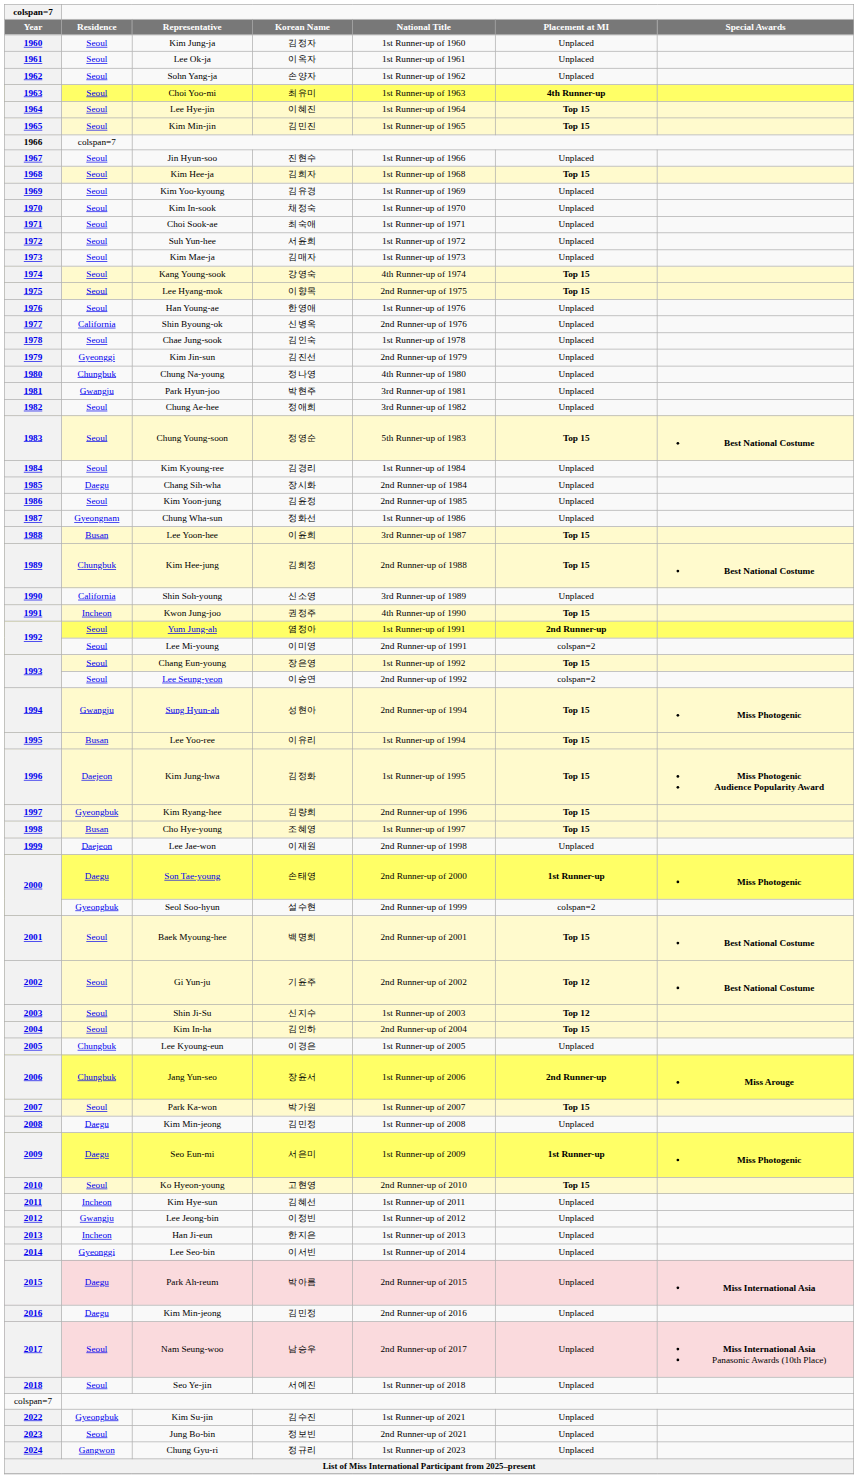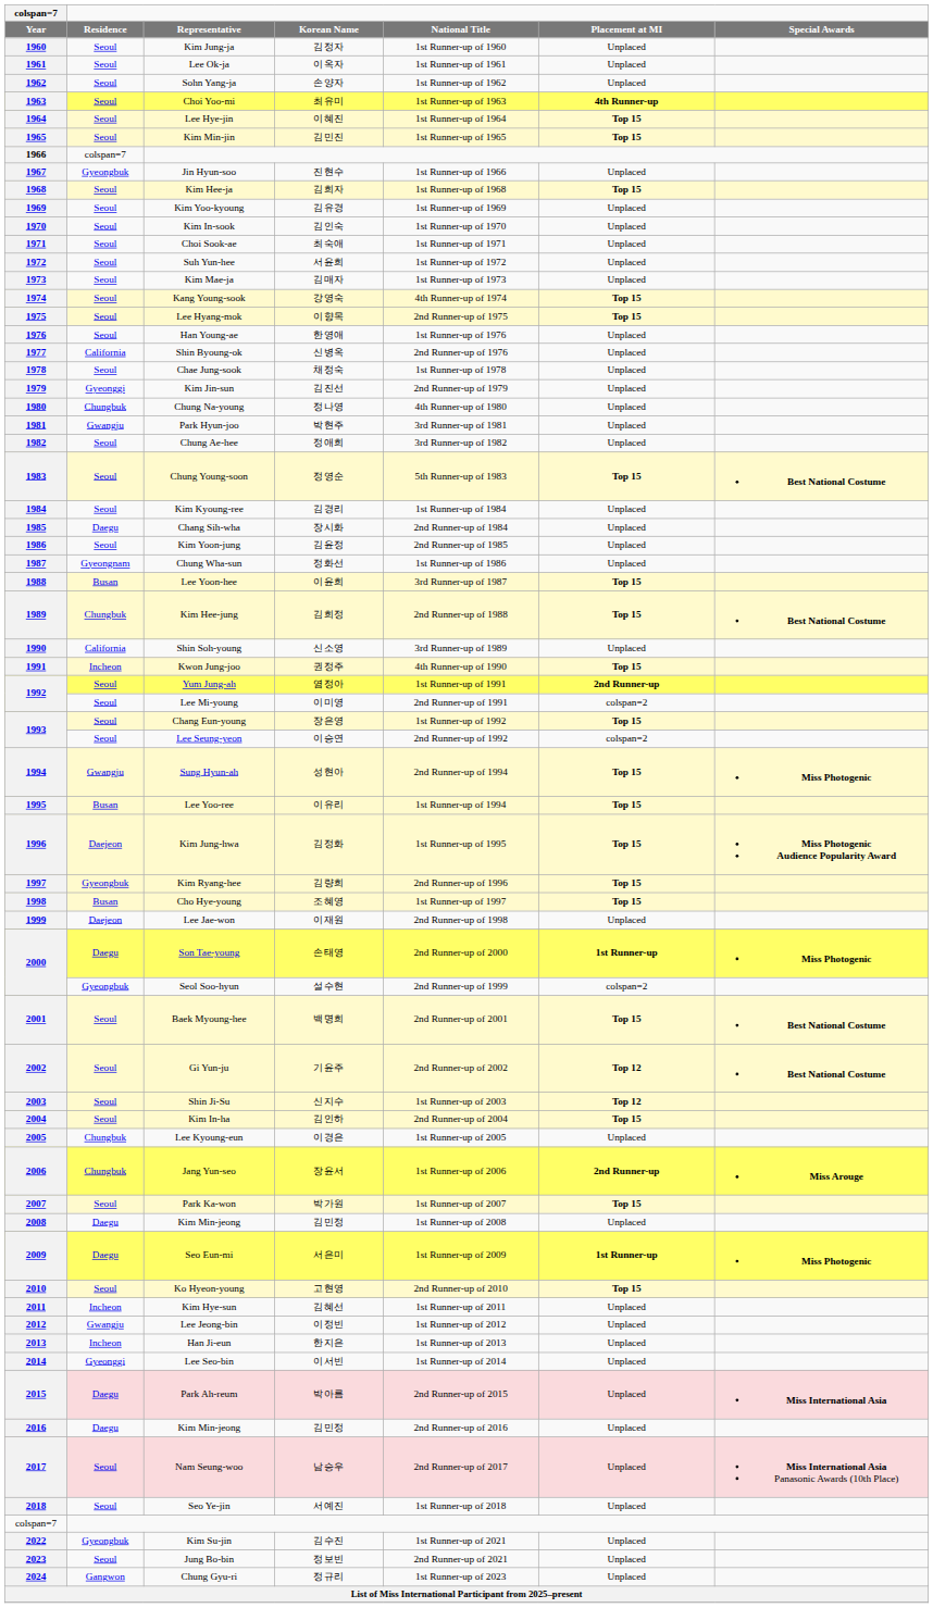 <table class="wikitable sortable" style="font-size: 85%; text-align:center">
 <tr>
 <th>colspan=7 </th>
 </tr>
 <tr>
 <th width="80" style="background-color:#787878;color:#FFFFFF;">Year</th>
 <th width="100" style="background-color:#787878;color:#FFFFFF;">Residence</th>
 <th width="180" style="background-color:#787878;color:#FFFFFF;">Representative</th>
 <th width="150" style="background-color:#787878;color:#FFFFFF;">Korean Name</th>
 <th width="220" style="background-color:#787878;color:#FFFFFF;">National Title</th>
 <th width="250" style="background-color:#787878;color:#FFFFFF;">Placement at MI</th>
 <th width="300" style="background-color:#787878;color:#FFFFFF;">Special Awards</th>
 </tr>
 <tr>
 <th><a href='#'>1960</a></th>
 <td><a href='#'>Seoul</a></td>
 <td>Kim Jung-ja</td>
 <td>김정자</td>
 <td>1st Runner-up of 1960</td>
 <td>Unplaced</td>
 <td></td>
 </tr>
 <tr>
 <th><a href='#'>1961</a></th>
 <td><a href='#'>Seoul</a></td>
 <td>Lee Ok-ja</td>
 <td>이옥자</td>
 <td>1st Runner-up of 1961</td>
 <td>Unplaced</td>
 <td></td>
 </tr>
 <tr>
 <th><a href='#'>1962</a></th>
 <td><a href='#'>Seoul</a></td>
 <td>Sohn Yang-ja</td>
 <td>손양자</td>
 <td>1st Runner-up of 1962</td>
 <td>Unplaced</td>
 <td></td>
 </tr>
 <tr style="background-color:#FFFF66; ">
 <th><a href='#'>1963</a></th>
 <td><a href='#'>Seoul</a></td>
 <td>Choi Yoo-mi</td>
 <td>최유미</td>
 <td>1st Runner-up of 1963</td>
 <td><strong>4th Runner-up</strong></td>
 <td></td>
 </tr>
 <tr style="background-color:#FFFACD; ">
 <th><a href='#'>1964</a></th>
 <td><a href='#'>Seoul</a></td>
 <td>Lee Hye-jin</td>
 <td>이혜진</td>
 <td>1st Runner-up of 1964</td>
 <td><strong>Top 15</strong></td>
 <td></td>
 </tr>
 <tr style="background-color:#FFFACD; ">
 <th><a href='#'>1965</a></th>
 <td><a href='#'>Seoul</a></td>
 <td>Kim Min-jin</td>
 <td>김민진</td>
 <td>1st Runner-up of 1965</td>
 <td><strong>Top 15</strong></td>
 <td></td>
 </tr>
 <tr>
 <th>1966</th>
 <td>colspan=7 </td>
 </tr>
 <tr>
 <th><a href='#'>1967</a></th>
-<td><a href='#'>Seoul</a></td>
+<td><a href='#'>Gyeongbuk</a></td>
 <td>Jin Hyun-soo</td>
 <td>진현수</td>
 <td>1st Runner-up of 1966</td>
 <td>Unplaced</td>
 <td></td>
 </tr>
 <tr style="background-color:#FFFACD; ">
 <th><a href='#'>1968</a></th>
 <td><a href='#'>Seoul</a></td>
 <td>Kim Hee-ja</td>
 <td>김희자</td>
 <td>1st Runner-up of 1968</td>
 <td><strong>Top 15</strong></td>
 <td></td>
 </tr>
 <tr>
 <th><a href='#'>1969</a></th>
 <td><a href='#'>Seoul</a></td>
 <td>Kim Yoo-kyoung</td>
 <td>김유경</td>
 <td>1st Runner-up of 1969</td>
 <td>Unplaced</td>
 <td></td>
 </tr>
 <tr>
 <th><a href='#'>1970</a></th>
 <td><a href='#'>Seoul</a></td>
 <td>Kim In-sook</td>
-<td>채정숙</td>
+<td>김인숙</td>
 <td>1st Runner-up of 1970</td>
 <td>Unplaced</td>
 <td></td>
 </tr>
 <tr>
 <th><a href='#'>1971</a></th>
 <td><a href='#'>Seoul</a></td>
 <td>Choi Sook-ae</td>
 <td>최숙애</td>
 <td>1st Runner-up of 1971</td>
 <td>Unplaced</td>
 <td></td>
 </tr>
 <tr>
 <th><a href='#'>1972</a></th>
 <td><a href='#'>Seoul</a></td>
 <td>Suh Yun-hee</td>
 <td>서윤희</td>
 <td>1st Runner-up of 1972</td>
 <td>Unplaced</td>
 <td></td>
 </tr>
 <tr>
 <th><a href='#'>1973</a></th>
 <td><a href='#'>Seoul</a></td>
 <td>Kim Mae-ja</td>
 <td>김매자</td>
 <td>1st Runner-up of 1973</td>
 <td>Unplaced</td>
 <td></td>
 </tr>
 <tr style="background-color:#FFFACD; ">
 <th><a href='#'>1974</a></th>
 <td><a href='#'>Seoul</a></td>
 <td>Kang Young-sook</td>
 <td>강영숙</td>
 <td>4th Runner-up of 1974</td>
 <td><strong>Top 15</strong></td>
 <td></td>
 </tr>
 <tr style="background-color:#FFFACD; ">
 <th><a href='#'>1975</a></th>
 <td><a href='#'>Seoul</a></td>
 <td>Lee Hyang-mok</td>
 <td>이향목</td>
 <td>2nd Runner-up of 1975</td>
 <td><strong>Top 15</strong></td>
 <td></td>
 </tr>
 <tr>
 <th><a href='#'>1976</a></th>
 <td><a href='#'>Seoul</a></td>
 <td>Han Young-ae</td>
 <td>한영애</td>
 <td>1st Runner-up of 1976</td>
 <td>Unplaced</td>
 <td></td>
 </tr>
 <tr>
 <th><a href='#'>1977</a></th>
 <td><a href='#'>California</a></td>
 <td>Shin Byoung-ok</td>
 <td>신병옥</td>
 <td>2nd Runner-up of 1976</td>
 <td>Unplaced</td>
 <td></td>
 </tr>
 <tr>
 <th><a href='#'>1978</a></th>
 <td><a href='#'>Seoul</a></td>
 <td>Chae Jung-sook</td>
-<td>김인숙</td>
+<td>채정숙</td>
 <td>1st Runner-up of 1978</td>
 <td>Unplaced</td>
 <td></td>
 </tr>
 <tr>
 <th><a href='#'>1979</a></th>
 <td><a href='#'>Gyeonggi</a></td>
 <td>Kim Jin-sun</td>
 <td>김진선</td>
 <td>2nd Runner-up of 1979</td>
 <td>Unplaced</td>
 <td></td>
 </tr>
 <tr>
 <th><a href='#'>1980</a></th>
 <td><a href='#'>Chungbuk</a></td>
 <td>Chung Na-young</td>
 <td>정나영</td>
 <td>4th Runner-up of 1980</td>
 <td>Unplaced</td>
 <td></td>
 </tr>
 <tr>
 <th><a href='#'>1981</a></th>
 <td><a href='#'>Gwangju</a></td>
 <td>Park Hyun-joo</td>
 <td>박현주</td>
 <td>3rd Runner-up of 1981</td>
 <td>Unplaced</td>
 <td></td>
 </tr>
 <tr>
 <th><a href='#'>1982</a></th>
 <td><a href='#'>Seoul</a></td>
 <td>Chung Ae-hee</td>
 <td>정애희</td>
 <td>3rd Runner-up of 1982</td>
 <td>Unplaced</td>
 <td></td>
 </tr>
 <tr style="background-color:#FFFACD; ">
 <th><a href='#'>1983</a></th>
 <td><a href='#'>Seoul</a></td>
 <td>Chung Young-soon</td>
 <td>정영순</td>
 <td>5th Runner-up of 1983</td>
 <td><strong>Top 15</strong></td>
 <td><br><ul><li><strong>Best National Costume</strong></li></ul></td>
 </tr>
 <tr>
 <th><a href='#'>1984</a></th>
 <td><a href='#'>Seoul</a></td>
 <td>Kim Kyoung-ree</td>
 <td>김경리</td>
 <td>1st Runner-up of 1984</td>
 <td>Unplaced</td>
 <td></td>
 </tr>
 <tr>
 <th><a href='#'>1985</a></th>
 <td><a href='#'>Daegu</a></td>
 <td>Chang Sih-wha</td>
 <td>장시화</td>
 <td>2nd Runner-up of 1984</td>
 <td>Unplaced</td>
 <td></td>
 </tr>
 <tr>
 <th><a href='#'>1986</a></th>
 <td><a href='#'>Seoul</a></td>
 <td>Kim Yoon-jung</td>
 <td>김윤정</td>
 <td>2nd Runner-up of 1985</td>
 <td>Unplaced</td>
 <td></td>
 </tr>
 <tr>
 <th><a href='#'>1987</a></th>
 <td><a href='#'>Gyeongnam</a></td>
 <td>Chung Wha-sun</td>
 <td>정화선</td>
 <td>1st Runner-up of 1986</td>
 <td>Unplaced</td>
 <td></td>
 </tr>
 <tr style="background-color:#FFFACD; ">
 <th><a href='#'>1988</a></th>
 <td><a href='#'>Busan</a></td>
 <td>Lee Yoon-hee</td>
 <td>이윤희</td>
 <td>3rd Runner-up of 1987</td>
 <td><strong>Top 15</strong></td>
 <td></td>
 </tr>
 <tr style="background-color:#FFFACD; ">
 <th><a href='#'>1989</a></th>
 <td><a href='#'>Chungbuk</a></td>
 <td>Kim Hee-jung</td>
 <td>김희정</td>
 <td>2nd Runner-up of 1988</td>
 <td><strong>Top 15</strong></td>
 <td><br><ul><li><strong>Best National Costume</strong></li></ul></td>
 </tr>
 <tr>
 <th><a href='#'>1990</a></th>
 <td><a href='#'>California</a></td>
 <td>Shin Soh-young</td>
 <td>신소영</td>
 <td>3rd Runner-up of 1989</td>
 <td>Unplaced</td>
 <td></td>
 </tr>
 <tr style="background-color:#FFFACD; ">
 <th><a href='#'>1991</a></th>
 <td><a href='#'>Incheon</a></td>
 <td>Kwon Jung-joo</td>
 <td>권정주</td>
 <td>4th Runner-up of 1990</td>
 <td><strong>Top 15</strong></td>
 <td></td>
 </tr>
 <tr style="background-color:#FFFF66; ">
 <th rowspan="2"><a href='#'>1992</a></th>
 <td><a href='#'>Seoul</a></td>
 <td><a href='#'>Yum Jung-ah</a></td>
 <td>염정아</td>
 <td>1st Runner-up of 1991</td>
 <td><strong>2nd Runner-up</strong></td>
 <td></td>
 </tr>
 <tr>
 <td><a href='#'>Seoul</a></td>
 <td>Lee Mi-young</td>
 <td>이미영</td>
 <td>2nd Runner-up of 1991</td>
 <td>colspan=2 </td>
 </tr>
 <tr style="background-color:#FFFACD; ">
 <th rowspan="2"><a href='#'>1993</a></th>
 <td><a href='#'>Seoul</a></td>
 <td>Chang Eun-young</td>
 <td>장은영</td>
 <td>1st Runner-up of 1992</td>
 <td><strong>Top 15</strong></td>
 <td></td>
 </tr>
 <tr>
 <td><a href='#'>Seoul</a></td>
 <td><a href='#'>Lee Seung-yeon</a></td>
 <td>이승연</td>
 <td>2nd Runner-up of 1992</td>
 <td>colspan=2 </td>
 </tr>
 <tr style="background-color:#FFFACD; ">
 <th><a href='#'>1994</a></th>
 <td><a href='#'>Gwangju</a></td>
 <td><a href='#'>Sung Hyun-ah</a></td>
 <td>성현아</td>
 <td>2nd Runner-up of 1994</td>
 <td><strong>Top 15</strong></td>
 <td><br><ul><li><strong>Miss Photogenic</strong></li></ul></td>
 </tr>
 <tr style="background-color:#FFFACD; ">
 <th><a href='#'>1995</a></th>
 <td><a href='#'>Busan</a></td>
 <td>Lee Yoo-ree</td>
 <td>이유리</td>
 <td>1st Runner-up of 1994</td>
 <td><strong>Top 15</strong></td>
 <td></td>
 </tr>
 <tr style="background-color:#FFFACD; ">
 <th><a href='#'>1996</a></th>
 <td><a href='#'>Daejeon</a></td>
 <td>Kim Jung-hwa</td>
 <td>김정화</td>
 <td>1st Runner-up of 1995</td>
 <td><strong>Top 15</strong></td>
 <td><br><ul><li><strong>Miss Photogenic</strong></li><li><strong>Audience Popularity Award</strong></li></ul></td>
 </tr>
 <tr style="background-color:#FFFACD; ">
 <th><a href='#'>1997</a></th>
 <td><a href='#'>Gyeongbuk</a></td>
 <td>Kim Ryang-hee</td>
 <td>김량희</td>
 <td>2nd Runner-up of 1996</td>
 <td><strong>Top 15</strong></td>
 <td></td>
 </tr>
 <tr style="background-color:#FFFACD; ">
 <th><a href='#'>1998</a></th>
 <td><a href='#'>Busan</a></td>
 <td>Cho Hye-young</td>
 <td>조혜영</td>
 <td>1st Runner-up of 1997</td>
 <td><strong>Top 15</strong></td>
 <td></td>
 </tr>
 <tr>
 <th><a href='#'>1999</a></th>
 <td><a href='#'>Daejeon</a></td>
 <td>Lee Jae-won</td>
 <td>이재원</td>
 <td>2nd Runner-up of 1998</td>
 <td>Unplaced</td>
 <td></td>
 </tr>
 <tr style="background-color:#FFFF66; ">
 <th rowspan="2"><a href='#'>2000</a></th>
 <td><a href='#'>Daegu</a></td>
 <td><a href='#'>Son Tae-young</a></td>
 <td>손태영</td>
 <td>2nd Runner-up of 2000</td>
 <td><strong>1st Runner-up</strong></td>
 <td><br><ul><li><strong>Miss Photogenic</strong></li></ul></td>
 </tr>
 <tr>
 <td><a href='#'>Gyeongbuk</a></td>
 <td>Seol Soo-hyun</td>
 <td>설수현</td>
 <td>2nd Runner-up of 1999</td>
 <td>colspan=2 </td>
 </tr>
 <tr style="background-color:#FFFACD; ">
 <th><a href='#'>2001</a></th>
 <td><a href='#'>Seoul</a></td>
 <td>Baek Myoung-hee</td>
 <td>백명희</td>
 <td>2nd Runner-up of 2001</td>
 <td><strong>Top 15</strong></td>
 <td><br><ul><li><strong>Best National Costume</strong></li></ul></td>
 </tr>
 <tr style="background-color:#FFFACD; ">
 <th><a href='#'>2002</a></th>
 <td><a href='#'>Seoul</a></td>
 <td>Gi Yun-ju</td>
 <td>기윤주</td>
 <td>2nd Runner-up of 2002</td>
 <td><strong>Top 12</strong></td>
 <td><br><ul><li><strong>Best National Costume</strong></li></ul></td>
 </tr>
 <tr style="background-color:#FFFACD; ">
 <th><a href='#'>2003</a></th>
 <td><a href='#'>Seoul</a></td>
 <td>Shin Ji-Su</td>
 <td>신지수</td>
 <td>1st Runner-up of 2003</td>
 <td><strong>Top 12</strong></td>
 <td></td>
 </tr>
 <tr style="background-color:#FFFACD; ">
 <th><a href='#'>2004</a></th>
 <td><a href='#'>Seoul</a></td>
 <td>Kim In-ha</td>
 <td>김인하</td>
 <td>2nd Runner-up of 2004</td>
 <td><strong>Top 15</strong></td>
 <td></td>
 </tr>
 <tr>
 <th><a href='#'>2005</a></th>
 <td><a href='#'>Chungbuk</a></td>
 <td>Lee Kyoung-eun</td>
 <td>이경은</td>
 <td>1st Runner-up of 2005</td>
 <td>Unplaced</td>
 <td></td>
 </tr>
 <tr style="background-color:#FFFF66; ">
 <th><a href='#'>2006</a></th>
 <td><a href='#'>Chungbuk</a></td>
 <td>Jang Yun-seo</td>
 <td>장윤서</td>
 <td>1st Runner-up of 2006</td>
 <td><strong>2nd Runner-up</strong></td>
 <td><br><ul><li><strong>Miss Arouge</strong></li></ul></td>
 </tr>
 <tr style="background-color:#FFFACD; ">
 <th><a href='#'>2007</a></th>
 <td><a href='#'>Seoul</a></td>
 <td>Park Ka-won</td>
 <td>박가원</td>
 <td>1st Runner-up of 2007</td>
 <td><strong>Top 15</strong></td>
 <td></td>
 </tr>
 <tr>
 <th><a href='#'>2008</a></th>
 <td><a href='#'>Daegu</a></td>
 <td>Kim Min-jeong</td>
 <td>김민정</td>
 <td>1st Runner-up of 2008</td>
 <td>Unplaced</td>
 <td></td>
 </tr>
 <tr style="background-color:#FFFF66; ">
 <th><a href='#'>2009</a></th>
 <td><a href='#'>Daegu</a></td>
 <td>Seo Eun-mi</td>
 <td>서은미</td>
 <td>1st Runner-up of 2009</td>
 <td><strong>1st Runner-up</strong></td>
 <td><br><ul><li><strong>Miss Photogenic</strong></li></ul></td>
 </tr>
 <tr style="background-color:#FFFACD; ">
 <th><a href='#'>2010</a></th>
 <td><a href='#'>Seoul</a></td>
 <td>Ko Hyeon-young</td>
 <td>고현영</td>
 <td>2nd Runner-up of 2010</td>
 <td><strong>Top 15</strong></td>
 <td></td>
 </tr>
 <tr>
 <th><a href='#'>2011</a></th>
 <td><a href='#'>Incheon</a></td>
 <td>Kim Hye-sun</td>
 <td>김혜선</td>
 <td>1st Runner-up of 2011</td>
 <td>Unplaced</td>
 <td></td>
 </tr>
 <tr>
 <th><a href='#'>2012</a></th>
 <td><a href='#'>Gwangju</a></td>
 <td>Lee Jeong-bin</td>
 <td>이정빈</td>
 <td>1st Runner-up of 2012</td>
 <td>Unplaced</td>
 <td></td>
 </tr>
 <tr>
 <th><a href='#'>2013</a></th>
 <td><a href='#'>Incheon</a></td>
 <td>Han Ji-eun</td>
 <td>한지은</td>
 <td>1st Runner-up of 2013</td>
 <td>Unplaced</td>
 <td></td>
 </tr>
 <tr>
 <th><a href='#'>2014</a></th>
 <td><a href='#'>Gyeonggi</a></td>
 <td>Lee Seo-bin</td>
 <td>이서빈</td>
 <td>1st Runner-up of 2014</td>
 <td>Unplaced</td>
 <td></td>
 </tr>
 <tr style="background-color:#FADADD;: bold">
 <th><a href='#'>2015</a></th>
 <td><a href='#'>Daegu</a></td>
 <td>Park Ah-reum</td>
 <td>박아름</td>
 <td>2nd Runner-up of 2015</td>
 <td>Unplaced</td>
 <td><br><ul><li><strong>Miss International Asia</strong></li></ul></td>
 </tr>
 <tr>
 <th><a href='#'>2016</a></th>
 <td><a href='#'>Daegu</a></td>
 <td>Kim Min-jeong</td>
 <td>김민정</td>
 <td>2nd Runner-up of 2016</td>
 <td>Unplaced</td>
 <td></td>
 </tr>
 <tr style="background-color:#FADADD;: bold">
 <th><a href='#'>2017</a></th>
 <td><a href='#'>Seoul</a></td>
 <td>Nam Seung-woo</td>
 <td>남승우</td>
 <td>2nd Runner-up of 2017</td>
 <td>Unplaced</td>
 <td><br><ul><li><strong>Miss International Asia</strong></li><li>Panasonic Awards (10th Place)</li></ul></td>
 </tr>
 <tr>
 <th><a href='#'>2018</a></th>
 <td><a href='#'>Seoul</a></td>
 <td>Seo Ye-jin</td>
 <td>서예진</td>
 <td>1st Runner-up of 2018</td>
 <td>Unplaced</td>
 <td></td>
 </tr>
 <tr>
 <td>colspan=7 </td>
 </tr>
 <tr>
 <th><a href='#'>2022</a></th>
 <td><a href='#'>Gyeongbuk</a></td>
 <td>Kim Su-jin</td>
 <td>김수진</td>
 <td>1st Runner-up of 2021</td>
 <td>Unplaced</td>
 <td></td>
 </tr>
 <tr>
 <th><a href='#'>2023</a></th>
 <td><a href='#'>Seoul</a></td>
 <td>Jung Bo-bin</td>
 <td>정보빈</td>
 <td>2nd Runner-up of 2021</td>
 <td>Unplaced</td>
 <td></td>
 </tr>
 <tr>
 <th><a href='#'>2024</a></th>
 <td><a href='#'>Gangwon</a></td>
 <td>Chung Gyu-ri</td>
 <td>정규리</td>
 <td>1st Runner-up of 2023</td>
 <td>Unplaced</td>
 <td></td>
 </tr>
 <tr>
 <th colspan="8" style="font-size:95%;">List of Miss International Participant from 2025–present</th>
 </tr>
 <tr>
 </tr>
 </table>
